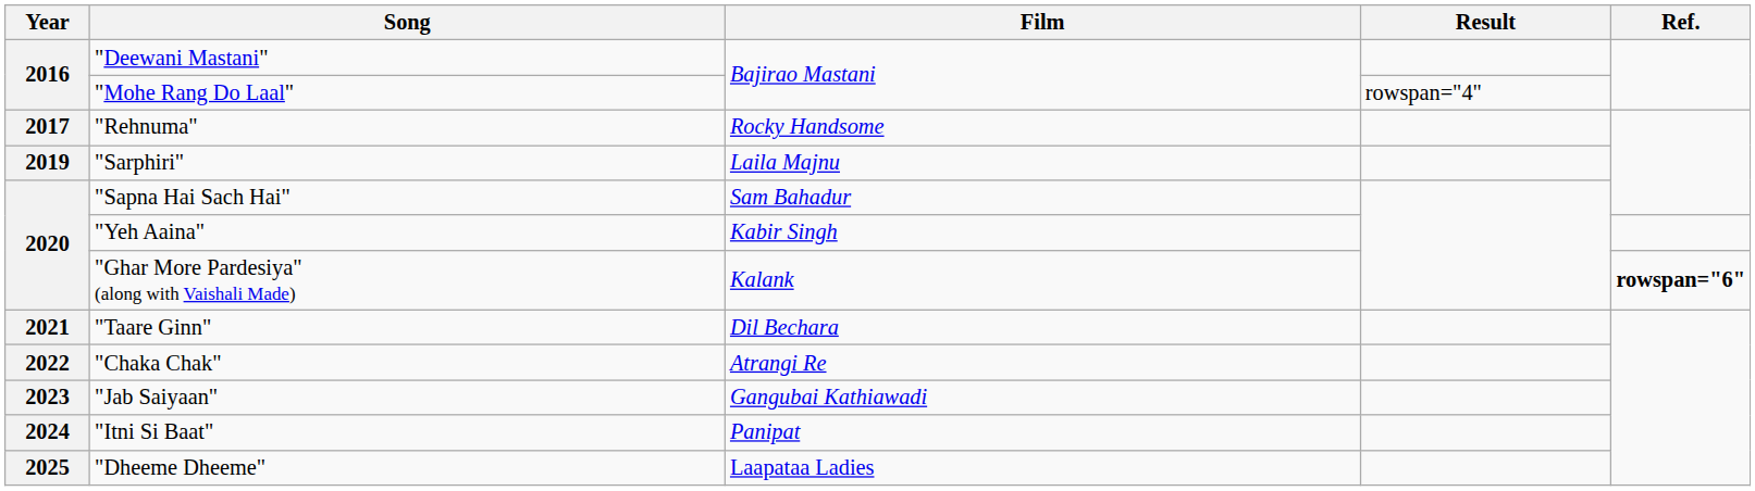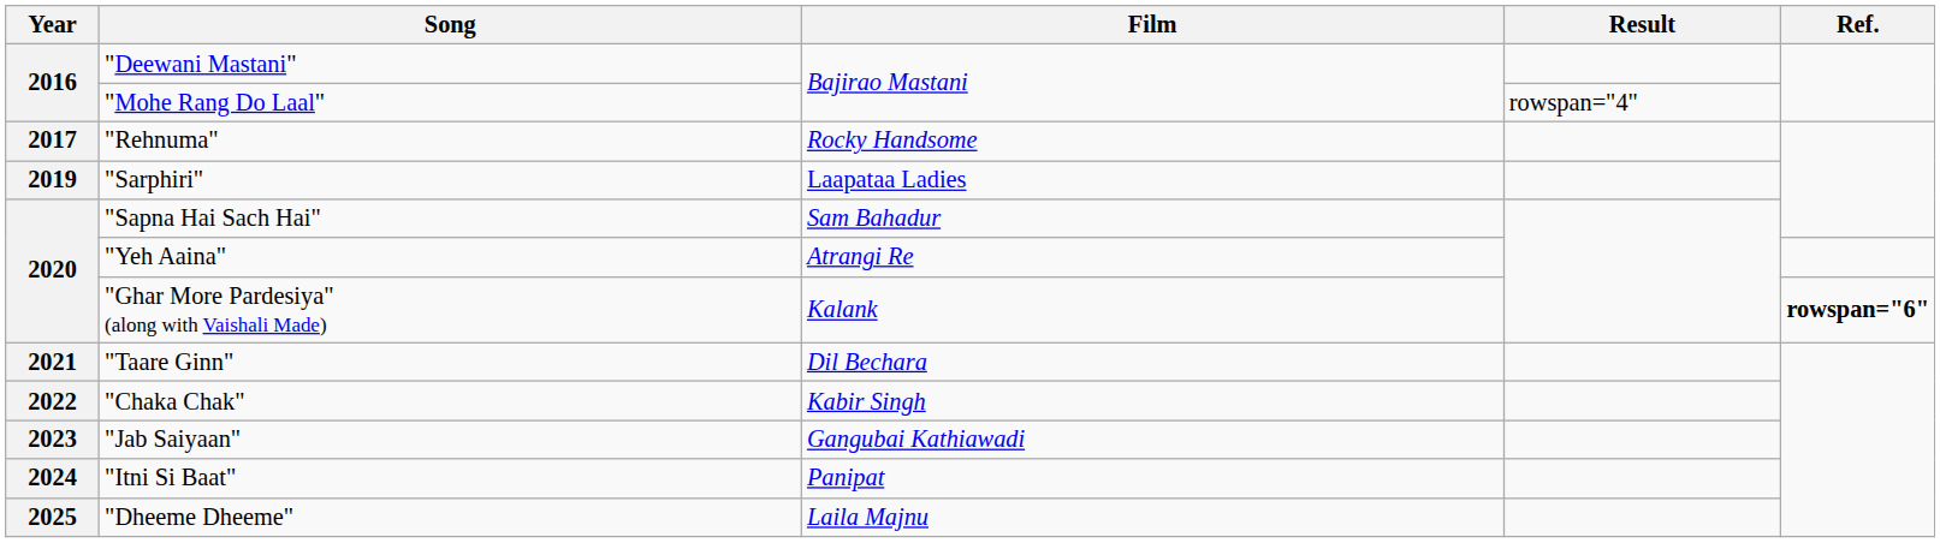 <table class="wikitable plainrowheaders" width="100%" textcolor:#000;">
 <tr>
 <th scope="col" width=5%><strong>Year</strong></th>
 <th scope="col" width=39%><strong>Song</strong></th>
 <th scope="col" width=39%><strong>Film</strong></th>
 <th scope="col" width=15%><strong>Result</strong></th>
 <th scope="col" width=2%><strong>Ref.</strong></th>
 </tr>
 <tr>
 <th scope="row" rowspan="2">2016</th>
 <td>"<a href='#'>Deewani Mastani</a>"</td>
 <td rowspan=2><em><a href='#'>Bajirao Mastani</a></em></td>
 <td></td>
 <td rowspan="2"></td>
 </tr>
 <tr>
 <td>"<a href='#'>Mohe Rang Do Laal</a>"</td>
 <td>rowspan="4" </td>
 </tr>
 <tr>
 <th scope="row">2017</th>
 <td>"Rehnuma"</td>
 <td><em><a href='#'>Rocky Handsome</a></em></td>
 <td></td>
 </tr>
 <tr>
 <th scope="row">2019</th>
 <td>"Sarphiri"</td>
-<td><a href='#'><em>Laila Majnu</em></a></td>
+<td><a href='#'>Laapataa Ladies</a></td>
 <td></td>
 </tr>
 <tr>
 <th scope="row" rowspan="3">2020</th>
 <td>"Sapna Hai Sach Hai"</td>
 <td><em><a href='#'>Sam Bahadur</a></em></td>
 <td rowspan="3"></td>
 </tr>
 <tr>
 <td>"Yeh Aaina"</td>
-<td><em><a href='#'>Kabir Singh</a></em></td>
+<td><em><a href='#'>Atrangi Re</a></em></td>
 <td></td>
 </tr>
 <tr>
 <td>"Ghar More Pardesiya"<br><small>(along with <a href='#'>Vaishali Made</a>)</small></td>
 <td><em><a href='#'>Kalank</a></em></td>
 <td><strong>rowspan="6" </strong></td>
 </tr>
 <tr>
 <th scope="row">2021</th>
 <td>"Taare Ginn"</td>
 <td><em><a href='#'>Dil Bechara</a></em></td>
 <td></td>
 </tr>
 <tr>
 <th scope="row">2022</th>
 <td>"Chaka Chak"</td>
-<td><em><a href='#'>Atrangi Re</a></em></td>
+<td><em><a href='#'>Kabir Singh</a></em></td>
 <td></td>
 </tr>
 <tr>
 <th scope="row">2023</th>
 <td>"Jab Saiyaan"</td>
 <td><em><a href='#'>Gangubai Kathiawadi</a></em></td>
 <td></td>
 </tr>
 <tr>
 <th scope="row">2024</th>
 <td>"Itni Si Baat"</td>
 <td><a href='#'><em>Panipat</em></a></td>
 <td></td>
 </tr>
 <tr>
 <th scope="row">2025</th>
 <td>"Dheeme Dheeme"</td>
-<td><a href='#'>Laapataa Ladies</a></td>
+<td><a href='#'><em>Laila Majnu</em></a></td>
 <td></td>
 </tr>
 </table>
